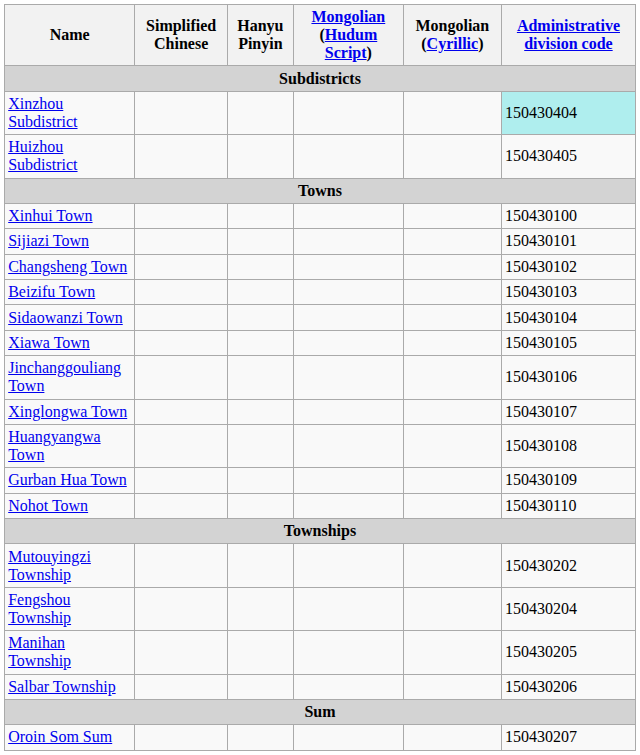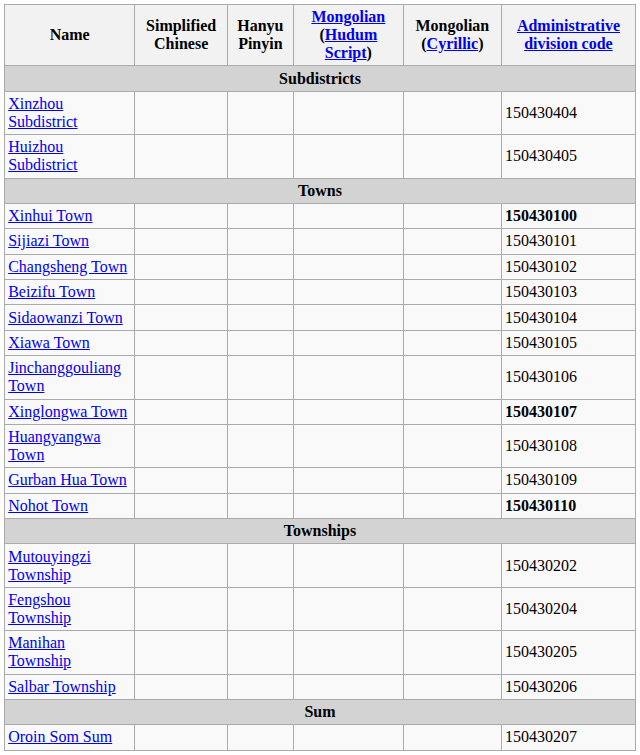 <table class="wikitable" align="center" style="width:50%; border="1">
 <tr>
 <th>Name</th>
 <th>Simplified Chinese</th>
 <th>Hanyu Pinyin</th>
 <th><a href='#'>Mongolian</a> (<a href='#'>Hudum Script</a>)</th>
 <th>Mongolian (<a href='#'>Cyrillic</a>)</th>
 <th><a href='#'>Administrative division code</a></th>
 </tr>
 <tr>
 <td colspan="6"  style="text-align:center; background:#d3d3d3;"><strong>Subdistricts</strong></td>
 </tr>
 <tr --------->
 <td><a href='#'>Xinzhou Subdistrict</a></td>
 <td></td>
 <td></td>
 <td></td>
 <td></td>
-<td style="background: paleturquoise;">150430404</td>
+<td>150430404</td>
 </tr>
 <tr>
 <td><a href='#'>Huizhou Subdistrict</a></td>
 <td></td>
 <td></td>
 <td></td>
 <td></td>
 <td>150430405</td>
 </tr>
 <tr>
 <td colspan="6"  style="text-align:center; background:#d3d3d3;"><strong>Towns</strong></td>
 </tr>
 <tr --------->
 <td><a href='#'>Xinhui Town</a></td>
 <td></td>
 <td></td>
 <td></td>
 <td></td>
-<td>150430100</td>
+<td><strong>150430100</strong></td>
 </tr>
 <tr>
 <td><a href='#'>Sijiazi Town</a></td>
 <td></td>
 <td></td>
 <td></td>
 <td></td>
 <td>150430101</td>
 </tr>
 <tr>
 <td><a href='#'>Changsheng Town</a></td>
 <td></td>
 <td></td>
 <td></td>
 <td></td>
 <td>150430102</td>
 </tr>
 <tr>
 <td><a href='#'>Beizifu Town</a></td>
 <td></td>
 <td></td>
 <td></td>
 <td></td>
 <td>150430103</td>
 </tr>
 <tr>
 <td><a href='#'>Sidaowanzi Town</a></td>
 <td></td>
 <td></td>
 <td></td>
 <td></td>
 <td>150430104</td>
 </tr>
 <tr>
 <td><a href='#'>Xiawa Town</a></td>
 <td></td>
 <td></td>
 <td></td>
 <td></td>
 <td>150430105</td>
 </tr>
 <tr>
 <td><a href='#'>Jinchanggouliang Town</a></td>
 <td></td>
 <td></td>
 <td></td>
 <td></td>
 <td>150430106</td>
 </tr>
 <tr>
 <td><a href='#'>Xinglongwa Town</a></td>
 <td></td>
 <td></td>
 <td></td>
 <td></td>
-<td>150430107</td>
+<td><strong>150430107</strong></td>
 </tr>
 <tr>
 <td><a href='#'>Huangyangwa Town</a></td>
 <td></td>
 <td></td>
 <td></td>
 <td></td>
 <td>150430108</td>
 </tr>
 <tr>
 <td><a href='#'>Gurban Hua Town</a></td>
 <td></td>
 <td></td>
 <td></td>
 <td></td>
 <td>150430109</td>
 </tr>
 <tr>
 <td><a href='#'>Nohot Town</a></td>
 <td></td>
 <td></td>
 <td></td>
 <td></td>
-<td>150430110</td>
+<td><strong>150430110</strong></td>
 </tr>
 <tr>
 <td colspan="6"  style="text-align:center; background:#d3d3d3;"><strong>Townships</strong></td>
 </tr>
 <tr --------->
 <td><a href='#'>Mutouyingzi Township</a></td>
 <td></td>
 <td></td>
 <td></td>
 <td></td>
 <td>150430202</td>
 </tr>
 <tr>
 <td><a href='#'>Fengshou Township</a></td>
 <td></td>
 <td></td>
 <td></td>
 <td></td>
 <td>150430204</td>
 </tr>
 <tr>
 <td><a href='#'>Manihan Township</a></td>
 <td></td>
 <td></td>
 <td></td>
 <td></td>
 <td>150430205</td>
 </tr>
 <tr>
 <td><a href='#'>Salbar Township</a></td>
 <td></td>
 <td></td>
 <td></td>
 <td></td>
 <td>150430206</td>
 </tr>
 <tr>
 <td colspan="6"  style="text-align:center; background:#d3d3d3;"><strong>Sum</strong></td>
 </tr>
 <tr --------->
 <td><a href='#'>Oroin Som Sum</a></td>
 <td></td>
 <td></td>
 <td></td>
 <td></td>
 <td>150430207</td>
 </tr>
 <tr>
 </tr>
 </table>
